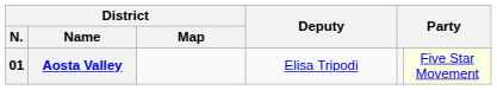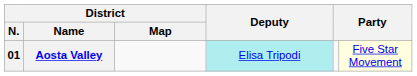 <table class="wikitable" style="text-align:center; style="width=65%">
 <tr>
 <th width=35% colspan="3">District</th>
 <th width=25% rowspan="2">Deputy</th>
 <th width=15% colspan="2" rowspan="2">Party</th>
 </tr>
 <tr>
 <th width=1%>N.</th>
 <th width=18%>Name</th>
 <th width=18%>Map</th>
 </tr>
 <tr>
 <th>01</th>
 <th><a href='#'>Aosta Valley</a></th>
 <td></td>
-<td><a href='#'>Elisa Tripodi</a></td>
+<td style="background: paleturquoise;"><a href='#'>Elisa Tripodi</a></td>
 <td style="background:"></td>
 <td style="background: lightyellow;"><a href='#'>Five Star Movement</a></td>
 </tr>
 </table>
